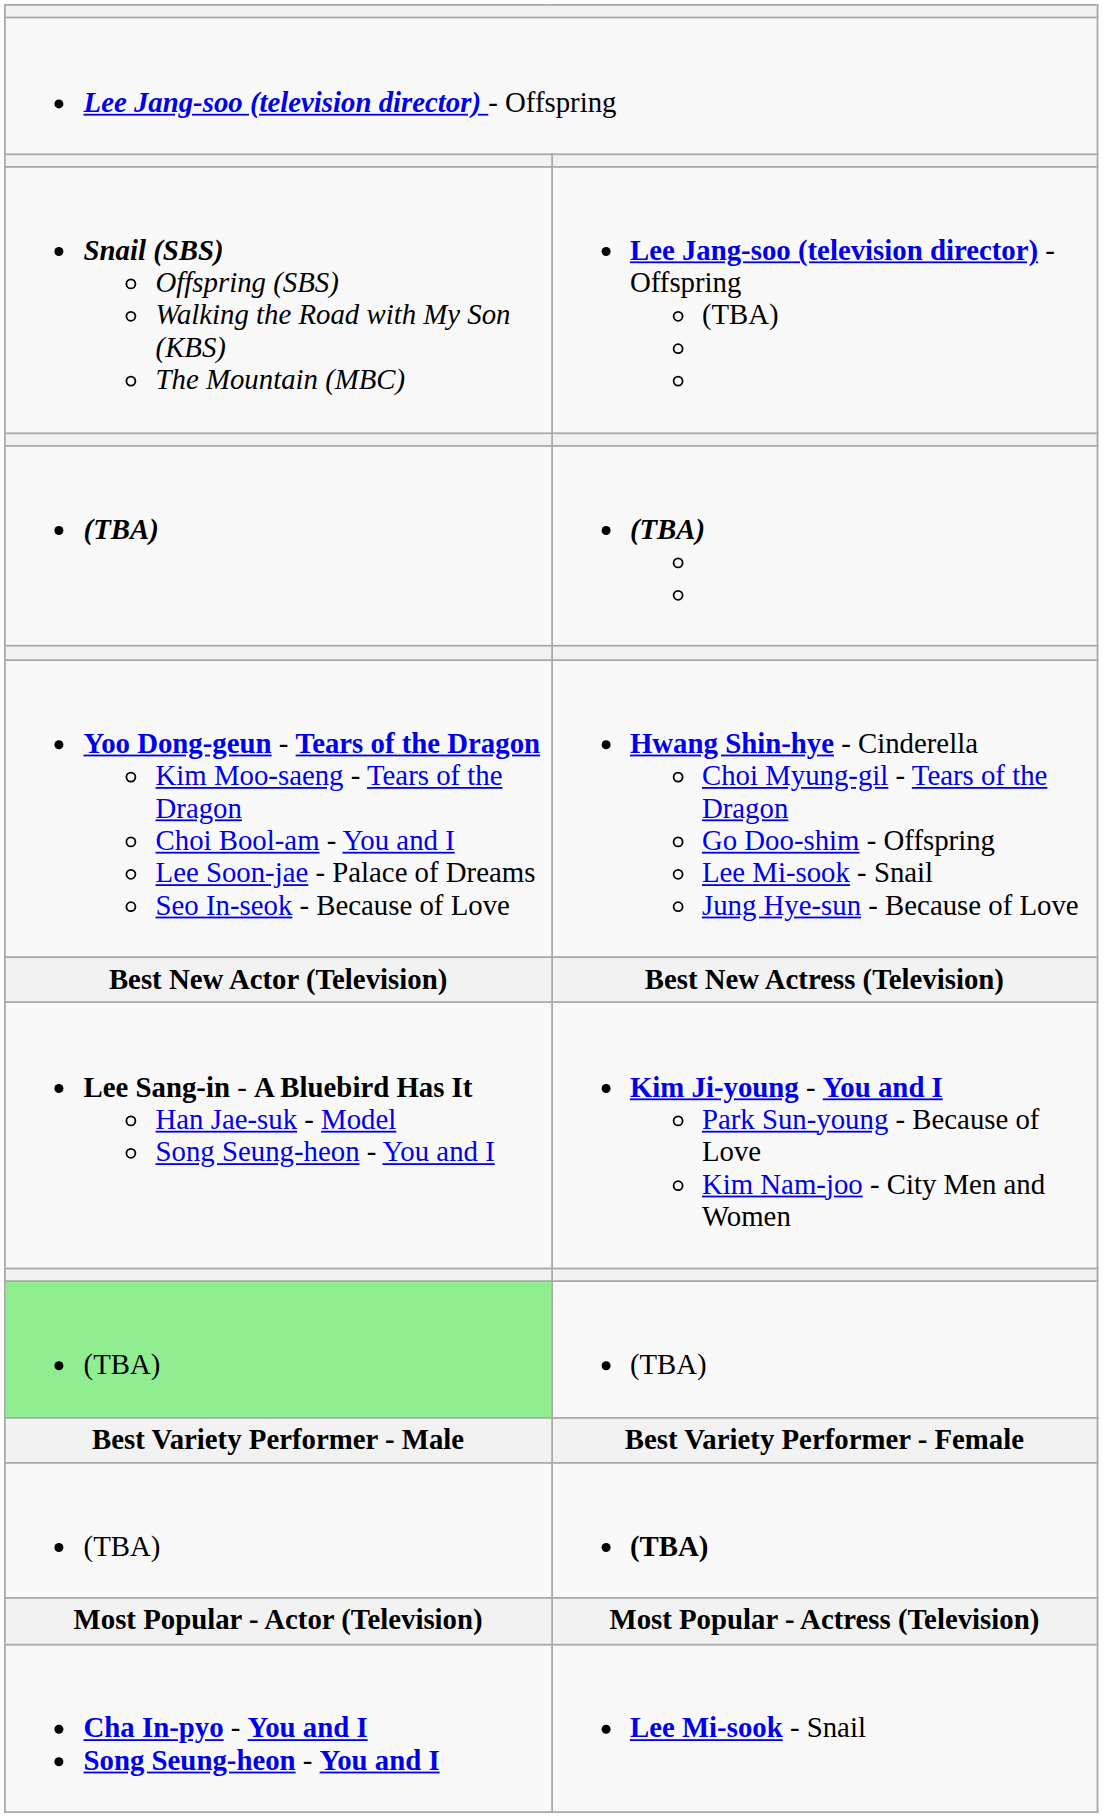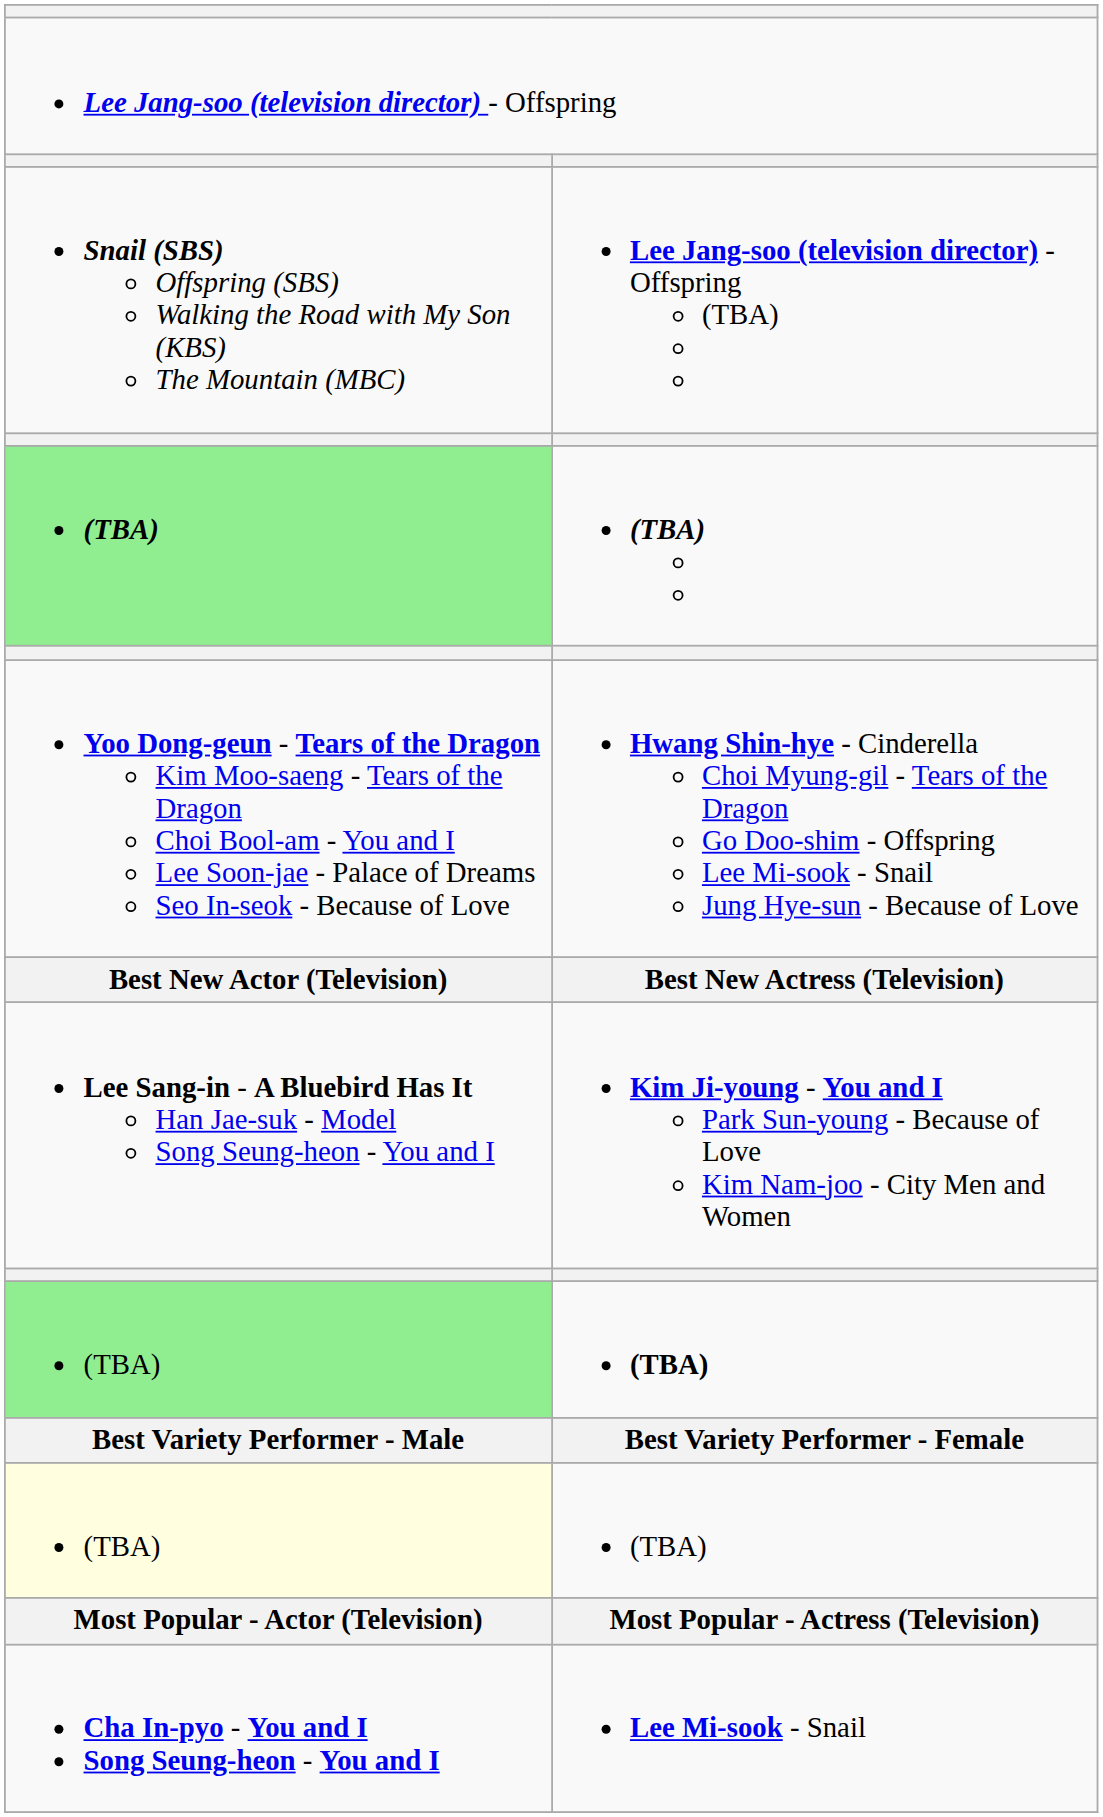 <table class="wikitable">
 <tr>
 <th colspan="2"></th>
 </tr>
 <tr>
 <td valign="top" colspan="2"><br><ul><li><strong><em><a href='#'>Lee Jang-soo (television director) </a></em></strong> - Offspring</li></ul></td>
 </tr>
 <tr>
 <th style="width:400px;"></th>
 <th style="width:400px;"></th>
 </tr>
 <tr>
 <td valign="top"><br><ul><li><strong><em>Snail (SBS)</em></strong><ul><li><em>Offspring (SBS)</em></li><li><em>Walking the Road with My Son (KBS)</em></li><li><em>The Mountain (MBC)</em></li></ul></li></ul></td>
 <td valign="top"><br><ul><li><strong><a href='#'>Lee Jang-soo (television director)</a></strong> - Offspring<ul><li>(TBA)</li><li></li><li></li></ul></li></ul></td>
 </tr>
 <tr>
 <th></th>
 <th></th>
 </tr>
 <tr>
-<td valign="top"><br><ul><li><strong><em>(TBA)</em></strong></li></ul></td>
+<td valign="top" style="background: lightgreen;"><br><ul><li><strong><em>(TBA)</em></strong></li></ul></td>
 <td valign="top"><br><ul><li><strong><em>(TBA)</em></strong><ul><li></li><li></li></ul></li></ul></td>
 </tr>
 <tr>
 <th></th>
 <th></th>
 </tr>
 <tr>
 <td valign="top"><br><ul><li><strong><a href='#'>Yoo Dong-geun</a></strong> - <strong><a href='#'> Tears of the Dragon</a></strong><ul><li><a href='#'>Kim Moo-saeng</a> - <a href='#'> Tears of the Dragon</a></li><li><a href='#'>Choi Bool-am</a> - <a href='#'> You and I</a></li><li><a href='#'>Lee Soon-jae</a> - Palace of Dreams</li><li><a href='#'>Seo In-seok</a> - Because of Love</li></ul></li></ul></td>
 <td valign="top"><br><ul><li><strong><a href='#'>Hwang Shin-hye</a></strong> - Cinderella<ul><li><a href='#'>Choi Myung-gil</a> - <a href='#'> Tears of the Dragon</a></li><li><a href='#'>Go Doo-shim</a> - Offspring</li><li><a href='#'>Lee Mi-sook</a> - Snail</li><li><a href='#'>Jung Hye-sun</a> - Because of Love</li></ul></li></ul></td>
 </tr>
 <tr>
 <th>Best New Actor (Television)</th>
 <th>Best New Actress (Television)</th>
 </tr>
 <tr>
 <td valign="top"><br><ul><li><strong>Lee Sang-in</strong> - <strong>A Bluebird Has It</strong><ul><li><a href='#'>Han Jae-suk</a> - <a href='#'> Model</a></li><li><a href='#'>Song Seung-heon</a> - <a href='#'> You and I</a></li></ul></li></ul></td>
 <td valign="top"><br><ul><li><strong><a href='#'> Kim Ji-young</a></strong> - <strong><a href='#'> You and I</a></strong><ul><li><a href='#'> Park Sun-young</a> - Because of Love</li><li><a href='#'> Kim Nam-joo</a> - City Men and Women</li></ul></li></ul></td>
 </tr>
 <tr>
 <th></th>
 <th></th>
 </tr>
 <tr>
 <td valign="top" style="background: lightgreen;"><br><ul><li>(TBA)</li></ul></td>
-<td valign="top"><br><ul><li>(TBA)</li></ul></td>
+<td valign="top"><strong><br><ul><li>(TBA)</li></ul></strong></td>
 </tr>
 <tr>
 <th>Best Variety Performer - Male</th>
 <th>Best Variety Performer - Female</th>
 </tr>
 <tr>
+<td valign="top" style="background: lightyellow;"><br><ul><li>(TBA)</li></ul></td>
 <td valign="top"><br><ul><li>(TBA)</li></ul></td>
-<td valign="top"><strong><br><ul><li>(TBA)</li></ul></strong></td>
 </tr>
 <tr>
 <th>Most Popular - Actor (Television)</th>
 <th>Most Popular - Actress (Television)</th>
 </tr>
 <tr>
 <td valign="top"><br><ul><li><strong><a href='#'>Cha In-pyo</a></strong> - <strong><a href='#'> You and I</a></strong></li><li><strong><a href='#'>Song Seung-heon</a></strong> - <strong><a href='#'> You and I</a></strong></li></ul></td>
 <td valign="top"><br><ul><li><strong><a href='#'>Lee Mi-sook</a></strong> - Snail</li></ul></td>
 </tr>
 </table>
